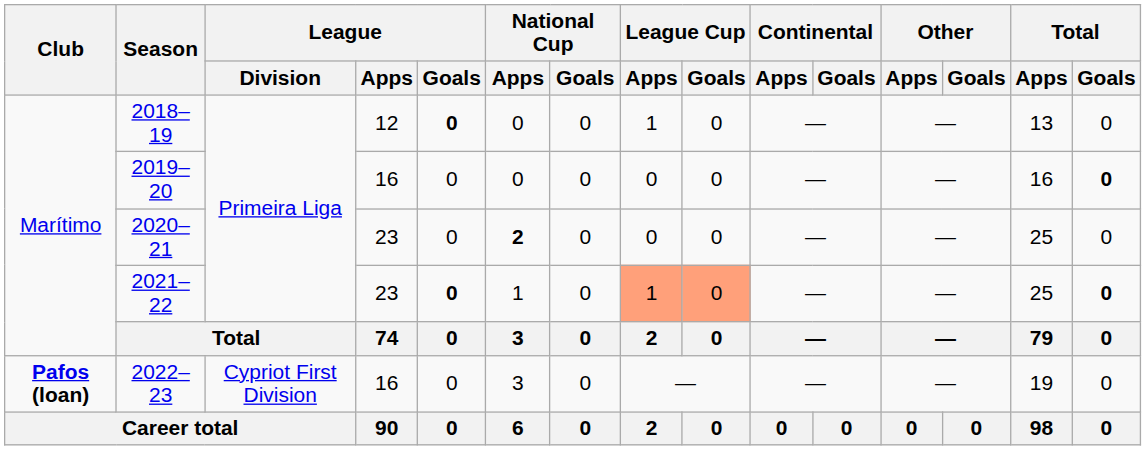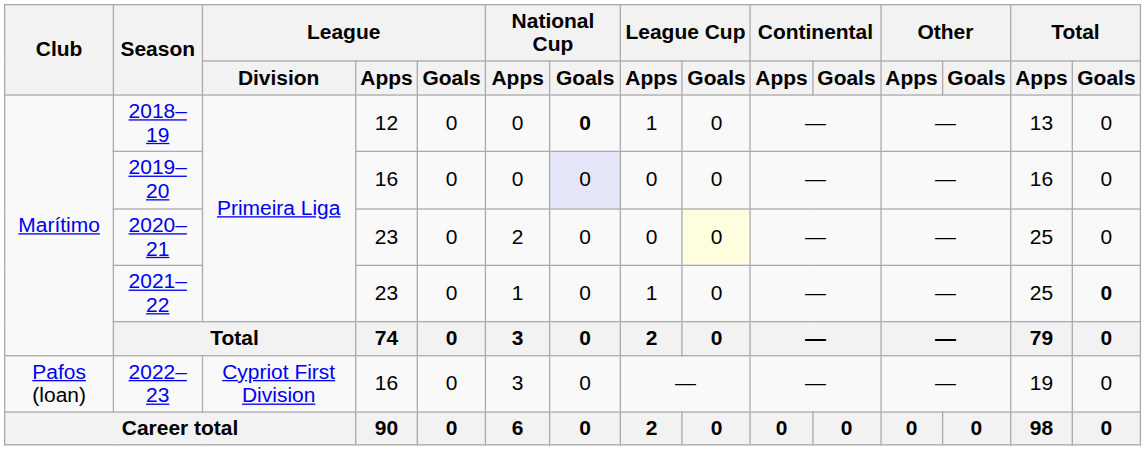 <table class="wikitable" style="text-align:center">
 <tr>
 <th rowspan="2">Club</th>
 <th rowspan="2">Season</th>
 <th colspan="3">League</th>
 <th colspan="2">National Cup</th>
 <th colspan="2">League Cup</th>
 <th colspan="2">Continental</th>
 <th colspan="2">Other</th>
 <th colspan="2">Total</th>
 </tr>
 <tr>
 <th>Division</th>
 <th>Apps</th>
 <th>Goals</th>
 <th>Apps</th>
 <th>Goals</th>
 <th>Apps</th>
 <th>Goals</th>
 <th>Apps</th>
 <th>Goals</th>
 <th>Apps</th>
 <th>Goals</th>
 <th>Apps</th>
 <th>Goals</th>
 </tr>
 <tr>
 <td rowspan="5"><a href='#'>Marítimo</a></td>
 <td><a href='#'>2018–19</a></td>
 <td rowspan="4"><a href='#'>Primeira Liga</a></td>
 <td>12</td>
-<td><strong>0</strong></td>
 <td>0</td>
 <td>0</td>
+<td><strong>0</strong></td>
 <td>1</td>
 <td>0</td>
 <td colspan="2">—</td>
 <td colspan="2">—</td>
 <td>13</td>
 <td>0</td>
 </tr>
 <tr>
 <td><a href='#'>2019–20</a></td>
 <td>16</td>
 <td>0</td>
 <td>0</td>
-<td>0</td>
+<td style="background: lavender;">0</td>
 <td>0</td>
 <td>0</td>
 <td colspan="2">—</td>
 <td colspan="2">—</td>
 <td>16</td>
-<td><strong>0</strong></td>
+<td>0</td>
 </tr>
 <tr>
 <td><a href='#'>2020–21</a></td>
 <td>23</td>
 <td>0</td>
-<td><strong>2</strong></td>
+<td>2</td>
 <td>0</td>
 <td>0</td>
-<td>0</td>
+<td style="background: lightyellow;">0</td>
 <td colspan="2">—</td>
 <td colspan="2">—</td>
 <td>25</td>
 <td>0</td>
 </tr>
 <tr>
 <td><a href='#'>2021–22</a></td>
 <td>23</td>
-<td><strong>0</strong></td>
+<td>0</td>
 <td>1</td>
 <td>0</td>
-<td style="background: lightsalmon;">1</td>
-<td style="background: lightsalmon;">0</td>
+<td>1</td>
+<td>0</td>
 <td colspan="2">—</td>
 <td colspan="2">—</td>
 <td>25</td>
 <td><strong>0</strong></td>
 </tr>
 <tr>
 <th colspan="2">Total</th>
 <th>74</th>
 <th>0</th>
 <th>3</th>
 <th>0</th>
 <th>2</th>
 <th>0</th>
 <th colspan="2">—</th>
 <th colspan="2">—</th>
 <th>79</th>
 <th>0</th>
 </tr>
 <tr>
-<td><strong><a href='#'>Pafos</a> (loan)</strong></td>
+<td><a href='#'>Pafos</a> (loan)</td>
 <td><a href='#'>2022–23</a></td>
 <td><a href='#'>Cypriot First Division</a></td>
 <td>16</td>
 <td>0</td>
 <td>3</td>
 <td>0</td>
 <td colspan="2">—</td>
 <td colspan="2">—</td>
 <td colspan="2">—</td>
 <td>19</td>
 <td>0</td>
 </tr>
 <tr>
 <th colspan="3">Career total</th>
 <th>90</th>
 <th>0</th>
 <th>6</th>
 <th>0</th>
 <th>2</th>
 <th>0</th>
 <th>0</th>
 <th>0</th>
 <th>0</th>
 <th>0</th>
 <th>98</th>
 <th>0</th>
 </tr>
 </table>
